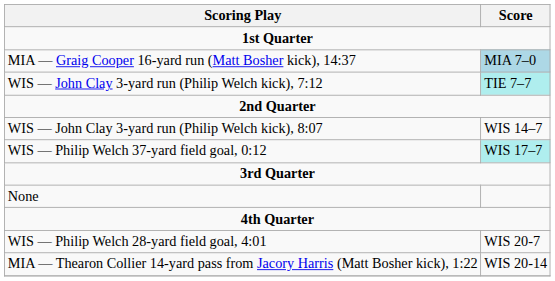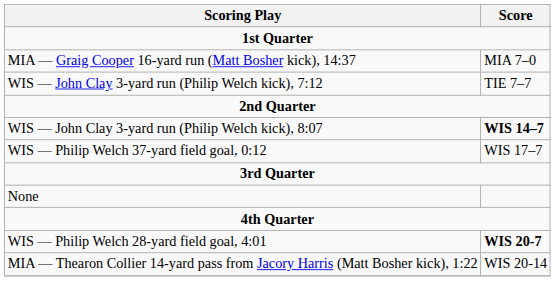 <table class="wikitable">
 <tr>
 <th>Scoring Play</th>
 <th>Score</th>
 </tr>
 <tr>
 <td colspan="4" align="center"><strong>1st Quarter</strong></td>
 </tr>
 <tr>
 <td>MIA — <a href='#'>Graig Cooper</a> 16-yard run (<a href='#'>Matt Bosher</a> kick), 14:37</td>
-<td style="background: lightblue;">MIA 7–0</td>
+<td>MIA 7–0</td>
 </tr>
 <tr>
 <td>WIS — <a href='#'>John Clay</a> 3-yard run (Philip Welch kick), 7:12</td>
-<td style="background: paleturquoise;">TIE 7–7</td>
+<td>TIE 7–7</td>
 </tr>
 <tr>
 <td colspan="4" align="center"><strong>2nd Quarter</strong></td>
 </tr>
 <tr>
 <td>WIS — John Clay 3-yard run (Philip Welch kick), 8:07</td>
-<td>WIS 14–7</td>
+<td><strong>WIS 14–7</strong></td>
 </tr>
 <tr>
 <td>WIS — Philip Welch 37-yard field goal, 0:12</td>
-<td style="background: paleturquoise;">WIS 17–7</td>
+<td>WIS 17–7</td>
 </tr>
 <tr>
 <td colspan="4" align="center"><strong>3rd Quarter</strong></td>
 </tr>
 <tr>
 <td>None</td>
 <td></td>
 </tr>
 <tr>
 <td colspan="4" align="center"><strong>4th Quarter</strong></td>
 </tr>
 <tr>
 <td>WIS — Philip Welch 28-yard field goal, 4:01</td>
-<td>WIS 20-7</td>
+<td><strong>WIS 20-7</strong></td>
 </tr>
 <tr>
 <td>MIA — Thearon Collier 14-yard pass from <a href='#'>Jacory Harris</a> (Matt Bosher kick), 1:22</td>
 <td>WIS 20-14</td>
 </tr>
 <tr>
 </tr>
 </table>
